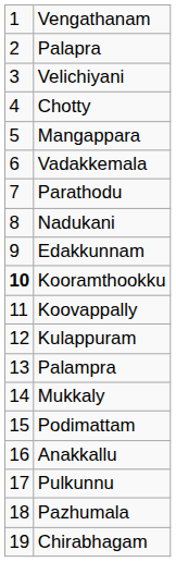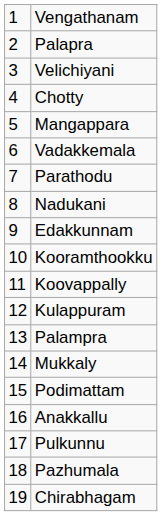 <table class="wikitable" style="font-size: 100%;">
 <tr>
 <td>1</td>
 <td>Vengathanam</td>
 </tr>
 <tr>
 <td>2</td>
 <td>Palapra</td>
 </tr>
 <tr>
 <td>3</td>
 <td>Velichiyani</td>
 </tr>
 <tr>
 <td>4</td>
 <td>Chotty</td>
 </tr>
 <tr>
 <td>5</td>
 <td>Mangappara</td>
 </tr>
 <tr>
 <td>6</td>
 <td>Vadakkemala</td>
 </tr>
 <tr>
 <td>7</td>
 <td>Parathodu</td>
 </tr>
 <tr>
 <td>8</td>
 <td>Nadukani</td>
 </tr>
 <tr>
 <td>9</td>
 <td>Edakkunnam</td>
 </tr>
 <tr>
-<td><strong>10</strong></td>
+<td>10</td>
 <td>Kooramthookku</td>
 </tr>
 <tr>
 <td>11</td>
 <td>Koovappally</td>
 </tr>
 <tr>
 <td>12</td>
 <td>Kulappuram</td>
 </tr>
 <tr>
 <td>13</td>
 <td>Palampra</td>
 </tr>
 <tr>
 <td>14</td>
 <td>Mukkaly</td>
 </tr>
 <tr>
 <td>15</td>
 <td>Podimattam</td>
 </tr>
 <tr>
 <td>16</td>
 <td>Anakkallu</td>
 </tr>
 <tr>
 <td>17</td>
 <td>Pulkunnu</td>
 </tr>
 <tr>
 <td>18</td>
 <td>Pazhumala</td>
 </tr>
 <tr>
 <td>19</td>
 <td>Chirabhagam</td>
 </tr>
 </table>
